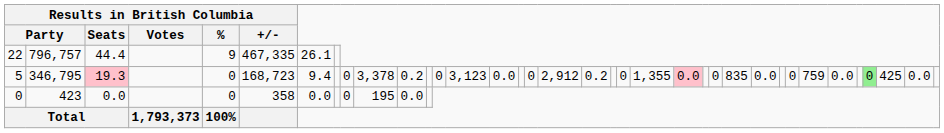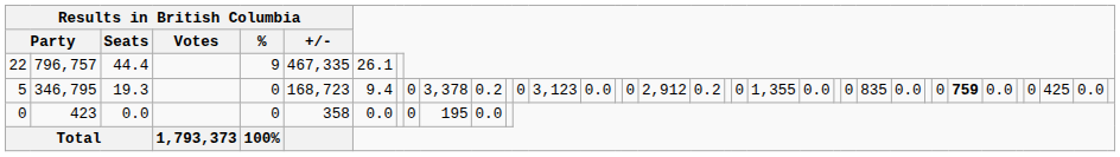 <table class="wikitable">
 <tr>
 <th align="center" colspan=6>Results in British Columbia</th>
 </tr>
 <tr>
 <th align="centre" colspan=2>Party</th>
 <th align="right">Seats</th>
 <th align="right">Votes</th>
 <th align="right">%</th>
 <th align="right">+/-</th>
 </tr>
 <tr>
 <td align="right">22</td>
 <td align="right">796,757</td>
 <td align="right">44.4</td>
 <td align="right"><br></td>
 <td align="right">9</td>
 <td align="right">467,335</td>
 <td align="right">26.1</td>
 <td align="right"></td>
 </tr>
 <tr>
 <td align="right">5</td>
 <td align="right">346,795</td>
-<td align="right" style="background: pink;">19.3</td>
+<td align="right">19.3</td>
 <td align="right"><br></td>
 <td align="right">0</td>
 <td align="right">168,723</td>
 <td align="right">9.4</td>
 <td align="right"><br></td>
 <td align="right">0</td>
 <td align="right">3,378</td>
 <td align="right">0.2</td>
 <td align="right"><br></td>
 <td align="right">0</td>
 <td align="right">3,123</td>
 <td align="right">0.0</td>
 <td align="right"><br></td>
 <td align="right">0</td>
 <td align="right">2,912</td>
 <td align="right">0.2</td>
 <td align="right"><br></td>
 <td align="right">0</td>
 <td align="right">1,355</td>
-<td align="right" style="background: pink;">0.0</td>
+<td align="right">0.0</td>
 <td align="right"><br></td>
 <td align="right">0</td>
 <td align="right">835</td>
 <td align="right">0.0</td>
 <td align="right"><br></td>
 <td align="right">0</td>
-<td align="right">759</td>
+<td align="right"><strong>759</strong></td>
 <td align="right">0.0</td>
 <td align="right"><br></td>
-<td align="right" style="background: lightgreen;">0</td>
+<td align="right">0</td>
 <td align="right">425</td>
 <td align="right">0.0</td>
 <td align="right"></td>
 </tr>
 <tr>
 <td align="right">0</td>
 <td align="right">423</td>
 <td align="right">0.0</td>
 <td align="right"><br></td>
 <td align="right">0</td>
 <td align="right">358</td>
 <td align="right">0.0</td>
 <td align="right"><br></td>
 <td align="right">0</td>
 <td align="right">195</td>
 <td align="right">0.0</td>
 <td align="right"></td>
 </tr>
 <tr bgcolor="white">
 <th align="left" colspan=3>Total</th>
 <th align="right">1,793,373</th>
 <th align="right">100%</th>
 <th align="right"></th>
 </tr>
 </table>
